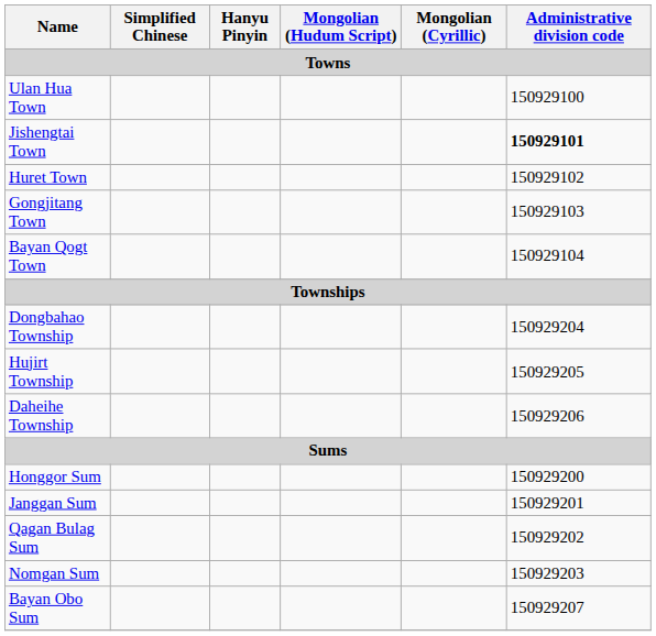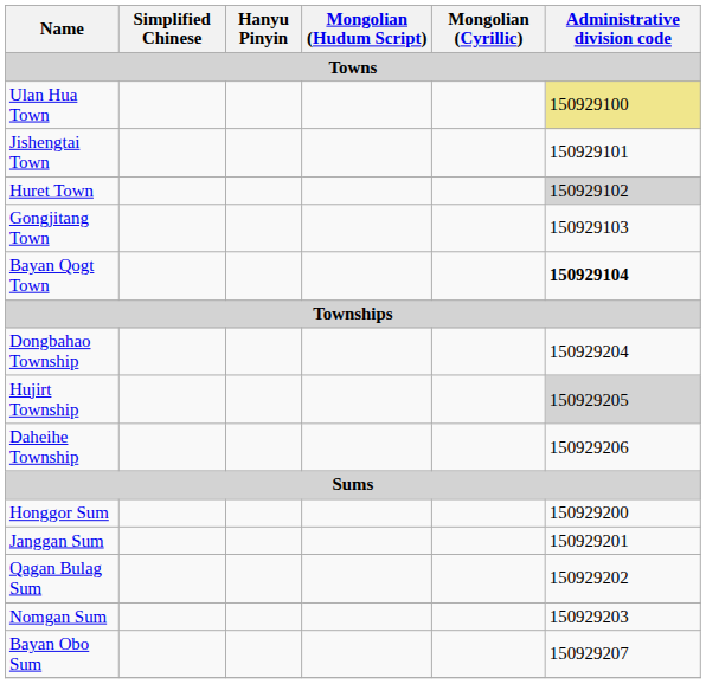 <table class="wikitable" align="center" style="width:50%; border="1">
 <tr>
 <th>Name</th>
 <th>Simplified Chinese</th>
 <th>Hanyu Pinyin</th>
 <th><a href='#'>Mongolian</a> (<a href='#'>Hudum Script</a>)</th>
 <th>Mongolian (<a href='#'>Cyrillic</a>)</th>
 <th><a href='#'>Administrative division code</a></th>
 </tr>
 <tr>
 <td colspan="6"  style="text-align:center; background:#d3d3d3;"><strong>Towns</strong></td>
 </tr>
 <tr --------->
 <td><a href='#'>Ulan Hua Town</a></td>
 <td></td>
 <td></td>
 <td></td>
 <td></td>
-<td>150929100</td>
+<td style="background: khaki;">150929100</td>
 </tr>
 <tr>
 <td><a href='#'>Jishengtai Town</a></td>
 <td></td>
 <td></td>
 <td></td>
 <td></td>
-<td><strong>150929101</strong></td>
+<td>150929101</td>
 </tr>
 <tr>
 <td><a href='#'>Huret Town</a></td>
 <td></td>
 <td></td>
 <td></td>
 <td></td>
-<td>150929102</td>
+<td style="background: lightgrey;">150929102</td>
 </tr>
 <tr>
 <td><a href='#'>Gongjitang Town</a></td>
 <td></td>
 <td></td>
 <td></td>
 <td></td>
 <td>150929103</td>
 </tr>
 <tr>
 <td><a href='#'>Bayan Qogt Town</a></td>
 <td></td>
 <td></td>
 <td></td>
 <td></td>
-<td>150929104</td>
+<td><strong>150929104</strong></td>
 </tr>
 <tr>
 <td colspan="6"  style="text-align:center; background:#d3d3d3;"><strong>Townships</strong></td>
 </tr>
 <tr --------->
 <td><a href='#'>Dongbahao Township</a></td>
 <td></td>
 <td></td>
 <td></td>
 <td></td>
 <td>150929204</td>
 </tr>
 <tr>
 <td><a href='#'>Hujirt Township</a></td>
 <td></td>
 <td></td>
 <td></td>
 <td></td>
-<td>150929205</td>
+<td style="background: lightgrey;">150929205</td>
 </tr>
 <tr>
 <td><a href='#'>Daheihe Township</a></td>
 <td></td>
 <td></td>
 <td></td>
 <td></td>
 <td>150929206</td>
 </tr>
 <tr>
 <td colspan="6"  style="text-align:center; background:#d3d3d3;"><strong>Sums</strong></td>
 </tr>
 <tr --------->
 <td><a href='#'>Honggor Sum</a></td>
 <td></td>
 <td></td>
 <td></td>
 <td></td>
 <td>150929200</td>
 </tr>
 <tr>
 <td><a href='#'>Janggan Sum</a></td>
 <td></td>
 <td></td>
 <td></td>
 <td></td>
 <td>150929201</td>
 </tr>
 <tr>
 <td><a href='#'>Qagan Bulag Sum</a></td>
 <td></td>
 <td></td>
 <td></td>
 <td></td>
 <td>150929202</td>
 </tr>
 <tr>
 <td><a href='#'>Nomgan Sum</a></td>
 <td></td>
 <td></td>
 <td></td>
 <td></td>
 <td>150929203</td>
 </tr>
 <tr>
 <td><a href='#'>Bayan Obo Sum</a></td>
 <td></td>
 <td></td>
 <td></td>
 <td></td>
 <td>150929207</td>
 </tr>
 <tr>
 </tr>
 </table>
